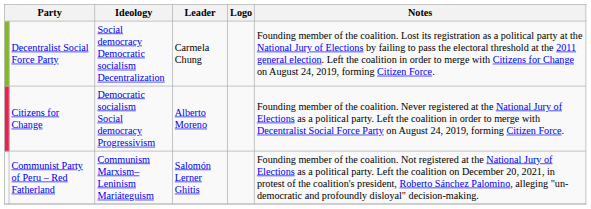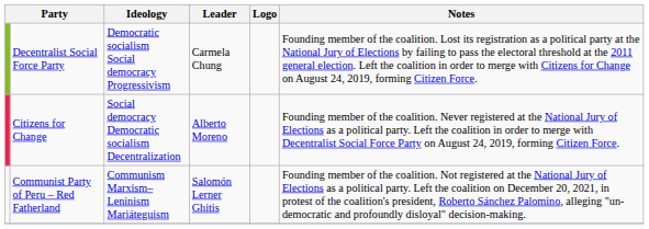 <table class="wikitable" style="font-size:95%">
 <tr>
 <th colspan="2">Party</th>
 <th>Ideology</th>
 <th>Leader</th>
 <th>Logo</th>
 <th>Notes</th>
 </tr>
 <tr>
 <td bgcolor="#82BC1C"></td>
 <td><a href='#'>Decentralist Social Force Party</a></td>
-<td><a href='#'>Social democracy</a><br><a href='#'>Democratic socialism</a><br><a href='#'>Decentralization</a></td>
+<td><a href='#'>Democratic socialism</a><br><a href='#'>Social democracy</a><br><a href='#'>Progressivism</a></td>
 <td>Carmela Chung</td>
 <td></td>
 <td>Founding member of the coalition. Lost its registration as a political party at the <a href='#'>National Jury of Elections</a> by failing to pass the electoral threshold at the <a href='#'>2011 general election</a>. Left the coalition in order to merge with <a href='#'>Citizens for Change</a> on August 24, 2019, forming <a href='#'>Citizen Force</a>.</td>
 </tr>
 <tr>
 <td bgcolor="#EE204D"></td>
 <td><a href='#'>Citizens for Change</a></td>
-<td><a href='#'>Democratic socialism</a><br><a href='#'>Social democracy</a><br><a href='#'>Progressivism</a></td>
+<td><a href='#'>Social democracy</a><br><a href='#'>Democratic socialism</a><br><a href='#'>Decentralization</a></td>
 <td><a href='#'>Alberto Moreno</a></td>
 <td></td>
 <td>Founding member of the coalition. Never registered at the <a href='#'>National Jury of Elections</a> as a political party. Left the coalition in order to merge with <a href='#'>Decentralist Social Force Party</a> on August 24, 2019, forming <a href='#'>Citizen Force</a>.</td>
 </tr>
 <tr>
 <td></td>
 <td><a href='#'>Communist Party of Peru – Red Fatherland</a></td>
 <td><a href='#'>Communism</a><br><a href='#'>Marxism–Leninism</a><br><a href='#'>Mariáteguism</a></td>
 <td><a href='#'>Salomón Lerner Ghitis</a></td>
 <td></td>
 <td>Founding member of the coalition. Not registered at the <a href='#'>National Jury of Elections</a> as a political party. Left the coalition on December 20, 2021, in protest of the coalition's president, <a href='#'>Roberto Sánchez Palomino</a>, alleging "un-democratic and profoundly disloyal" decision-making.</td>
 </tr>
 <tr>
 </tr>
 </table>
